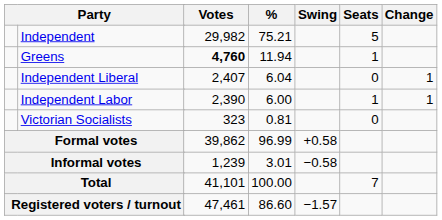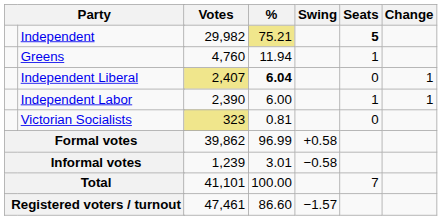 <table class="wikitable" style="text-align:right; margin-bottom:0">
 <tr>
 <th colspan="3" style="width:10px">Party</th>
 <th style="width:70px;">Votes</th>
 <th style="width:40px;">%</th>
 <th style="width:40px;">Swing</th>
 <th style="width:40px;">Seats</th>
 <th style="width:40px;">Change</th>
 </tr>
 <tr>
 <td> </td>
 <td colspan="2" style="text-align:left;"><a href='#'>Independent</a></td>
 <td style="width:70px;">29,982</td>
-<td style="width:40px;">75.21</td>
+<td style="background: khaki; width:40px;">75.21</td>
 <td style="width:45px;"></td>
-<td style="width:40px;">5</td>
+<td style="width:40px;"><strong>5</strong></td>
 <td style="width:40px;"></td>
 </tr>
 <tr>
 <td> </td>
 <td colspan="2" style="text-align:left;"><a href='#'>Greens</a></td>
-<td><strong>4,760</strong></td>
+<td>4,760</td>
 <td>11.94</td>
 <td></td>
 <td>1</td>
 <td></td>
 </tr>
 <tr>
 <td> </td>
 <td colspan="2" style="text-align:left;"><a href='#'>Independent Liberal</a></td>
-<td>2,407</td>
-<td>6.04</td>
+<td style="background: khaki;">2,407</td>
+<td><strong>6.04</strong></td>
 <td></td>
 <td>0</td>
 <td> 1</td>
 </tr>
 <tr>
 <td> </td>
 <td colspan="2" style="text-align:left;"><a href='#'>Independent Labor</a></td>
 <td>2,390</td>
 <td>6.00</td>
 <td></td>
 <td>1</td>
 <td> 1</td>
 </tr>
 <tr>
 <td> </td>
 <td colspan="2" style="text-align:left;"><a href='#'>Victorian Socialists</a></td>
-<td>323</td>
+<td style="background: khaki;">323</td>
 <td>0.81</td>
 <td></td>
 <td>0</td>
 <td></td>
 </tr>
 <tr>
 <th colspan="3" rowspan="1"> Formal votes</th>
 <td>39,862</td>
 <td>96.99</td>
 <td>+0.58</td>
 <td></td>
 <td></td>
 </tr>
 <tr>
 <th colspan="3" rowspan="1"> Informal votes</th>
 <td>1,239</td>
 <td>3.01</td>
 <td>−0.58</td>
 <td></td>
 <td></td>
 </tr>
 <tr>
 <th colspan="3" rowspan="1"> Total</th>
 <td>41,101</td>
 <td>100.00</td>
 <td></td>
 <td>7</td>
 <td></td>
 </tr>
 <tr>
 <th colspan="3" rowspan="1"> Registered voters / turnout</th>
 <td>47,461</td>
 <td>86.60</td>
 <td>−1.57</td>
 <td></td>
 <td></td>
 </tr>
 </table>
